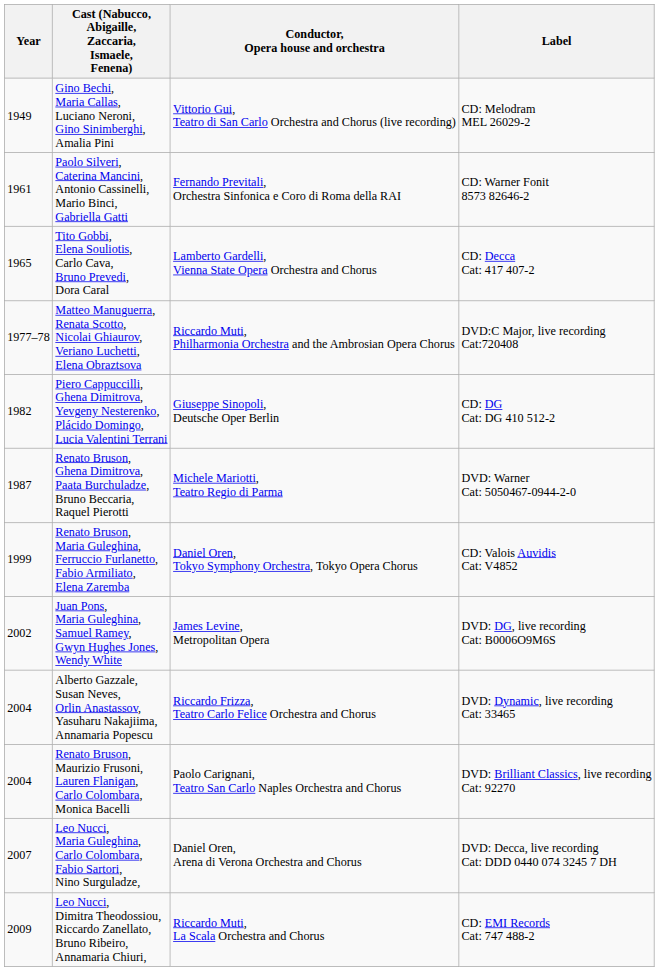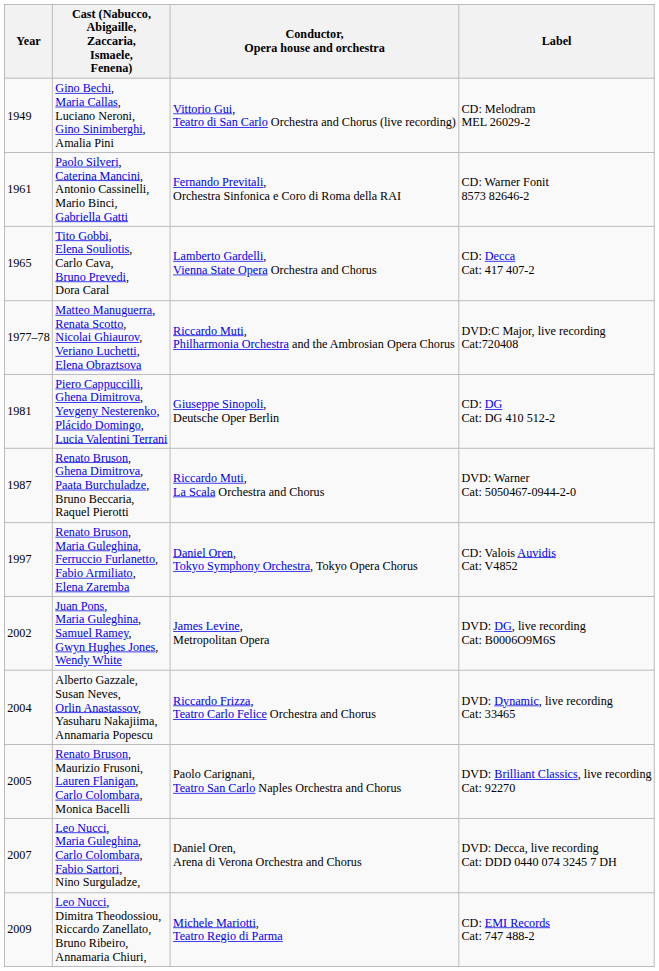 <table class="wikitable">
 <tr>
 <th scope="col">Year</th>
 <th scope="col">Cast (Nabucco,<br>Abigaille,<br>Zaccaria,<br>Ismaele,<br>Fenena)</th>
 <th scope="col">Conductor,<br>Opera house and orchestra</th>
 <th scope="col">Label</th>
 </tr>
 <tr>
 <td>1949</td>
 <td><a href='#'>Gino Bechi</a>,<br><a href='#'>Maria Callas</a>,<br>Luciano Neroni,<br><a href='#'>Gino Sinimberghi</a>,<br>Amalia Pini</td>
 <td><a href='#'>Vittorio Gui</a>,<br><a href='#'>Teatro di San Carlo</a> Orchestra and Chorus (live recording)</td>
 <td>CD: Melodram<br> MEL 26029-2</td>
 </tr>
 <tr>
 <td>1961</td>
 <td><a href='#'>Paolo Silveri</a>,<br><a href='#'>Caterina Mancini</a>,<br>Antonio Cassinelli,<br>Mario Binci,<br><a href='#'>Gabriella Gatti</a></td>
 <td><a href='#'>Fernando Previtali</a>,<br>Orchestra Sinfonica e Coro di Roma della RAI</td>
 <td>CD: Warner Fonit<br>8573 82646-2</td>
 </tr>
 <tr>
 <td>1965</td>
 <td><a href='#'>Tito Gobbi</a>,<br><a href='#'>Elena Souliotis</a>,<br>Carlo Cava,<br><a href='#'>Bruno Prevedi</a>,<br>Dora Caral</td>
 <td><a href='#'>Lamberto Gardelli</a>,<br><a href='#'>Vienna State Opera</a> Orchestra and Chorus</td>
 <td>CD: <a href='#'>Decca</a><br>Cat: 417 407-2</td>
 </tr>
 <tr>
 <td>1977–78</td>
 <td><a href='#'>Matteo Manuguerra</a>,<br><a href='#'>Renata Scotto</a>,<br><a href='#'>Nicolai Ghiaurov</a>,<br><a href='#'>Veriano Luchetti</a>,<br><a href='#'>Elena Obraztsova</a></td>
 <td><a href='#'>Riccardo Muti</a>,<br><a href='#'>Philharmonia Orchestra</a> and the Ambrosian Opera Chorus</td>
 <td>DVD:C Major, live recording<br>Cat:720408</td>
 </tr>
 <tr>
-<td>1982</td>
+<td>1981</td>
 <td><a href='#'>Piero Cappuccilli</a>,<br><a href='#'>Ghena Dimitrova</a>,<br><a href='#'>Yevgeny Nesterenko</a>,<br><a href='#'>Plácido Domingo</a>,<br><a href='#'>Lucia Valentini Terrani</a></td>
 <td><a href='#'>Giuseppe Sinopoli</a>,<br>Deutsche Oper Berlin</td>
 <td>CD: <a href='#'>DG</a><br>Cat: DG 410 512-2</td>
 </tr>
 <tr>
 <td>1987</td>
 <td><a href='#'>Renato Bruson</a>,<br><a href='#'>Ghena Dimitrova</a>,<br><a href='#'>Paata Burchuladze</a>,<br>Bruno Beccaria,<br>Raquel Pierotti</td>
-<td><a href='#'>Michele Mariotti</a>,<br><a href='#'>Teatro Regio di Parma</a></td>
+<td><a href='#'>Riccardo Muti</a>,<br><a href='#'>La Scala</a> Orchestra and Chorus</td>
 <td>DVD: Warner<br>Cat: 5050467-0944-2-0</td>
 </tr>
 <tr>
-<td>1999</td>
+<td>1997</td>
 <td><a href='#'>Renato Bruson</a>,<br><a href='#'>Maria Guleghina</a>,<br><a href='#'>Ferruccio Furlanetto</a>,<br><a href='#'>Fabio Armiliato</a>,<br><a href='#'>Elena Zaremba</a></td>
 <td><a href='#'>Daniel Oren</a>,<br><a href='#'>Tokyo Symphony Orchestra</a>, Tokyo Opera Chorus</td>
 <td>CD: Valois <a href='#'>Auvidis</a><br>Cat: V4852</td>
 </tr>
 <tr>
 <td>2002</td>
 <td><a href='#'>Juan Pons</a>,<br><a href='#'>Maria Guleghina</a>,<br><a href='#'>Samuel Ramey</a>,<br><a href='#'>Gwyn Hughes Jones</a>,<br><a href='#'>Wendy White</a></td>
 <td><a href='#'>James Levine</a>,<br>Metropolitan Opera</td>
 <td>DVD: <a href='#'>DG</a>, live recording<br>Cat: B0006O9M6S</td>
 </tr>
 <tr>
 <td>2004</td>
 <td>Alberto Gazzale,<br>Susan Neves,<br><a href='#'>Orlin Anastassov</a>,<br>Yasuharu Nakajiima,<br>Annamaria Popescu</td>
 <td><a href='#'>Riccardo Frizza</a>,<br><a href='#'>Teatro Carlo Felice</a> Orchestra and Chorus</td>
 <td>DVD: <a href='#'>Dynamic</a>, live recording<br>Cat: 33465</td>
 </tr>
 <tr>
-<td>2004</td>
+<td>2005</td>
 <td><a href='#'>Renato Bruson</a>,<br>Maurizio Frusoni,<br><a href='#'>Lauren Flanigan</a>,<br><a href='#'>Carlo Colombara</a>,<br>Monica Bacelli</td>
 <td>Paolo Carignani,<br><a href='#'>Teatro San Carlo</a> Naples Orchestra and Chorus</td>
 <td>DVD: <a href='#'>Brilliant Classics</a>, live recording<br>Cat: 92270</td>
 </tr>
 <tr>
 <td>2007</td>
 <td><a href='#'>Leo Nucci</a>,<br><a href='#'>Maria Guleghina</a>,<br><a href='#'>Carlo Colombara</a>,<br><a href='#'>Fabio Sartori</a>,<br>Nino Surguladze,</td>
 <td>Daniel Oren,<br> Arena di Verona Orchestra and Chorus</td>
 <td>DVD: Decca, live recording<br>Cat: DDD 0440 074 3245 7 DH</td>
 </tr>
 <tr>
 <td>2009</td>
 <td><a href='#'>Leo Nucci</a>,<br>Dimitra Theodossiou,<br>Riccardo Zanellato,<br>Bruno Ribeiro,<br>Annamaria Chiuri,</td>
-<td><a href='#'>Riccardo Muti</a>,<br><a href='#'>La Scala</a> Orchestra and Chorus</td>
+<td><a href='#'>Michele Mariotti</a>,<br><a href='#'>Teatro Regio di Parma</a></td>
 <td>CD: <a href='#'>EMI Records</a><br>Cat: 747 488-2</td>
 </tr>
 </table>
